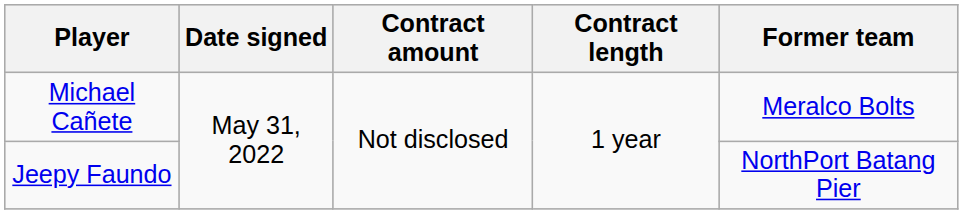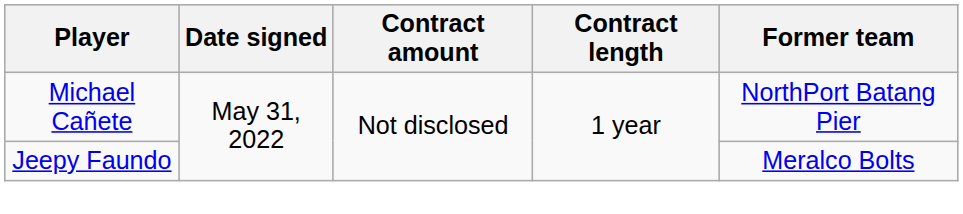 <table class="wikitable sortable sortable">
 <tr>
 <th>Player</th>
 <th>Date signed</th>
 <th>Contract amount</th>
 <th>Contract length</th>
 <th>Former team</th>
 </tr>
 <tr>
 <td align=center><a href='#'>Michael Cañete</a></td>
 <td align=center rowspan=2>May 31, 2022</td>
 <td align=center rowspan=2>Not disclosed</td>
 <td align=center rowspan=2>1 year</td>
-<td align=center><a href='#'>Meralco Bolts</a></td>
+<td align=center><a href='#'>NorthPort Batang Pier</a></td>
 </tr>
 <tr>
 <td align=center><a href='#'>Jeepy Faundo</a></td>
-<td align=center><a href='#'>NorthPort Batang Pier</a></td>
+<td align=center><a href='#'>Meralco Bolts</a></td>
 </tr>
 </table>
